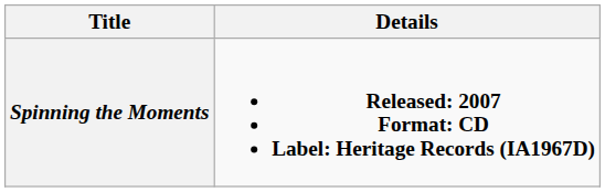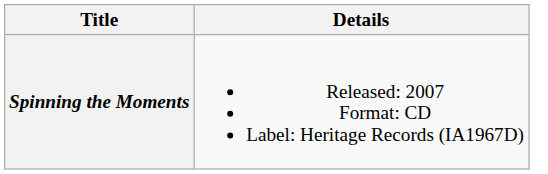 <table class="wikitable plainrowheaders" style="text-align:center;" border="1">
 <tr>
 <th>Title</th>
 <th>Details</th>
 </tr>
 <tr>
 <th scope="row"><em>Spinning the Moments</em></th>
-<td><strong><br><ul><li>Released: 2007</li><li>Format: CD</li><li>Label: Heritage Records (IA1967D)</li></ul></strong></td>
+<td><br><ul><li>Released: 2007</li><li>Format: CD</li><li>Label: Heritage Records (IA1967D)</li></ul></td>
 </tr>
 </table>
